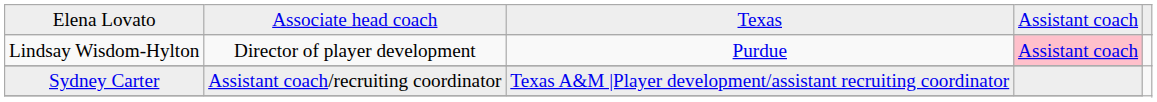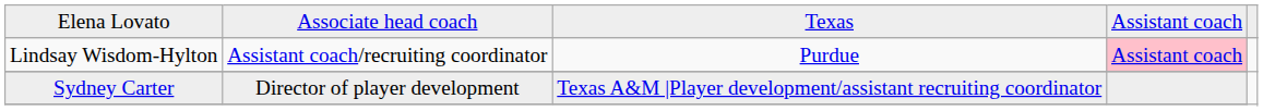 <table class="wikitable">
 <tr align="center" style="background:#eeeeee;">
 <td>Elena Lovato</td>
 <td><a href='#'>Associate head coach</a></td>
 <td><a href='#'>Texas</a></td>
 <td><a href='#'>Assistant coach</a></td>
 <td></td>
 </tr>
 <tr>
 </tr>
 <tr align="center">
 <td>Lindsay Wisdom-Hylton</td>
-<td>Director of player development</td>
+<td><a href='#'>Assistant coach</a>/recruiting coordinator</td>
 <td><a href='#'>Purdue</a></td>
 <td style="background: pink;"><a href='#'>Assistant coach</a></td>
 <td></td>
 </tr>
 <tr>
 </tr>
 <tr align="center" style="background:#eeeeee;">
 <td><a href='#'>Sydney Carter</a></td>
-<td><a href='#'>Assistant coach</a>/recruiting coordinator</td>
+<td>Director of player development</td>
 <td><a href='#'>Texas A&M |Player development/assistant recruiting coordinator</a></td>
 <td></td>
 </tr>
 <tr>
 </tr>
 </table>
